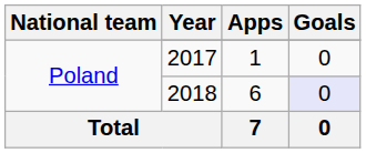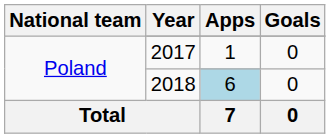 <table class="wikitable" style="text-align:center">
 <tr>
 <th>National team</th>
 <th>Year</th>
 <th>Apps</th>
 <th>Goals</th>
 </tr>
 <tr>
 <td rowspan=3><a href='#'>Poland</a></td>
 </tr>
 <tr>
 <td>2017</td>
 <td>1</td>
 <td>0</td>
 </tr>
 <tr>
 <td>2018</td>
-<td>6</td>
-<td style="background: lavender;">0</td>
+<td style="background: lightblue;">6</td>
+<td>0</td>
 </tr>
 <tr>
 <th colspan="2">Total</th>
 <th>7</th>
 <th>0</th>
 </tr>
 </table>
